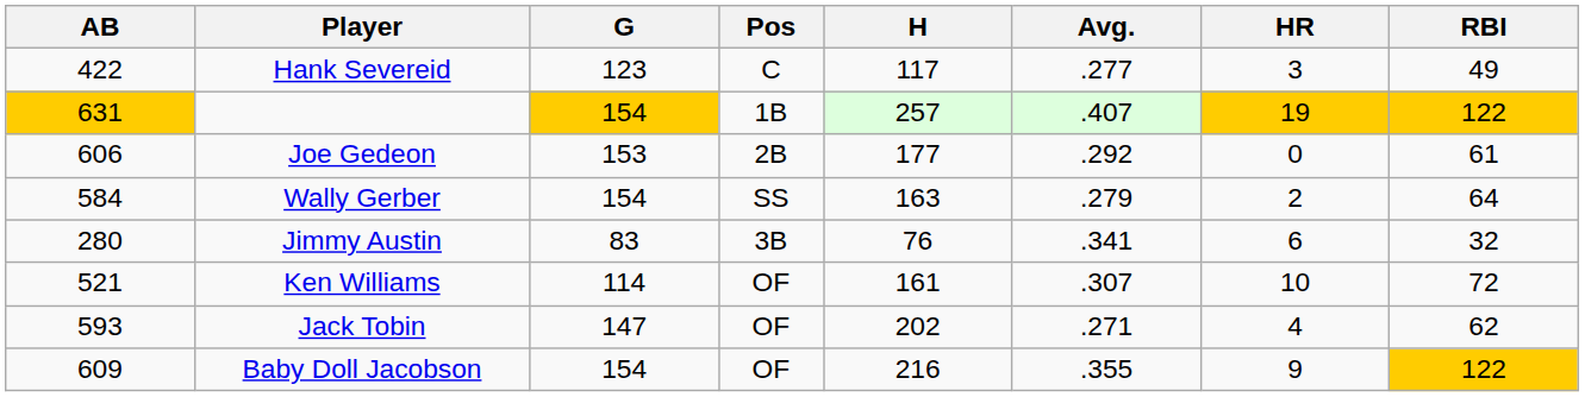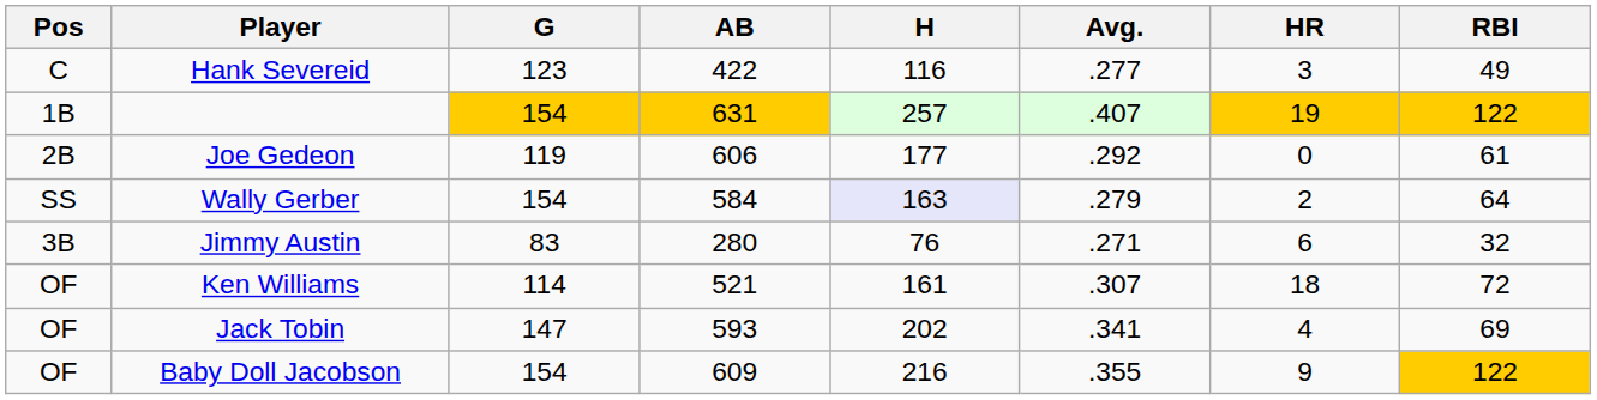 <table class="wikitable sortable">
 <tr>
-<th bgcolor="#DDDDFF" width="9%">AB</th>
+<th bgcolor="#DDDDFF" width="5%">Pos</th>
 <th bgcolor="#DDDDFF" width="16%">Player</th>
 <th bgcolor="#DDDDFF" width="9%">G</th>
-<th bgcolor="#DDDDFF" width="5%">Pos</th>
+<th bgcolor="#DDDDFF" width="9%">AB</th>
 <th bgcolor="#DDDDFF" width="9%">H</th>
 <th bgcolor="#DDDDFF" width="9%">Avg.</th>
 <th bgcolor="#DDDDFF" width="9%">HR</th>
 <th bgcolor="#DDDDFF" width="9%">RBI</th>
 </tr>
 <tr align="center">
-<td>422</td>
+<td>C</td>
 <td><a href='#'>Hank Severeid</a></td>
 <td>123</td>
-<td>C</td>
-<td>117</td>
+<td>422</td>
+<td>116</td>
 <td>.277</td>
 <td>3</td>
 <td>49</td>
 </tr>
 <tr align="center">
-<td style="background:#fc0;">631</td>
+<td>1B</td>
 <td></td>
 <td style="background:#fc0;">154</td>
-<td>1B</td>
+<td style="background:#fc0;">631</td>
 <td style="background:#DDFFDD;">257</td>
 <td style="background:#DDFFDD;">.407</td>
 <td style="background:#fc0;">19</td>
 <td style="background:#fc0;">122</td>
 </tr>
 <tr align="center">
+<td>2B</td>
+<td><a href='#'>Joe Gedeon</a></td>
+<td>119</td>
 <td>606</td>
-<td><a href='#'>Joe Gedeon</a></td>
-<td>153</td>
-<td>2B</td>
 <td>177</td>
 <td>.292</td>
 <td>0</td>
 <td>61</td>
 </tr>
 <tr align="center">
-<td>584</td>
+<td>SS</td>
 <td><a href='#'>Wally Gerber</a></td>
 <td>154</td>
-<td>SS</td>
-<td>163</td>
+<td>584</td>
+<td style="background: lavender;">163</td>
 <td>.279</td>
 <td>2</td>
 <td>64</td>
 </tr>
 <tr align="center">
-<td>280</td>
+<td>3B</td>
 <td><a href='#'>Jimmy Austin</a></td>
 <td>83</td>
-<td>3B</td>
+<td>280</td>
 <td>76</td>
-<td>.341</td>
+<td>.271</td>
 <td>6</td>
 <td>32</td>
 </tr>
 <tr align="center">
-<td>521</td>
+<td>OF</td>
 <td><a href='#'>Ken Williams</a></td>
 <td>114</td>
-<td>OF</td>
+<td>521</td>
 <td>161</td>
 <td>.307</td>
-<td>10</td>
+<td>18</td>
 <td>72</td>
 </tr>
 <tr align="center">
-<td>593</td>
+<td>OF</td>
 <td><a href='#'>Jack Tobin</a></td>
 <td>147</td>
-<td>OF</td>
+<td>593</td>
 <td>202</td>
-<td>.271</td>
+<td>.341</td>
 <td>4</td>
-<td>62</td>
+<td>69</td>
 </tr>
 <tr align="center">
-<td>609</td>
+<td>OF</td>
 <td><a href='#'>Baby Doll Jacobson</a></td>
 <td>154</td>
-<td>OF</td>
+<td>609</td>
 <td>216</td>
 <td>.355</td>
 <td>9</td>
 <td style="background:#fc0;">122</td>
 </tr>
 </table>
